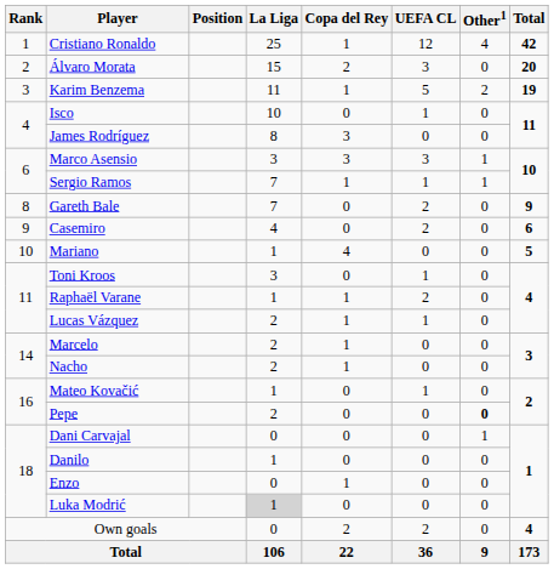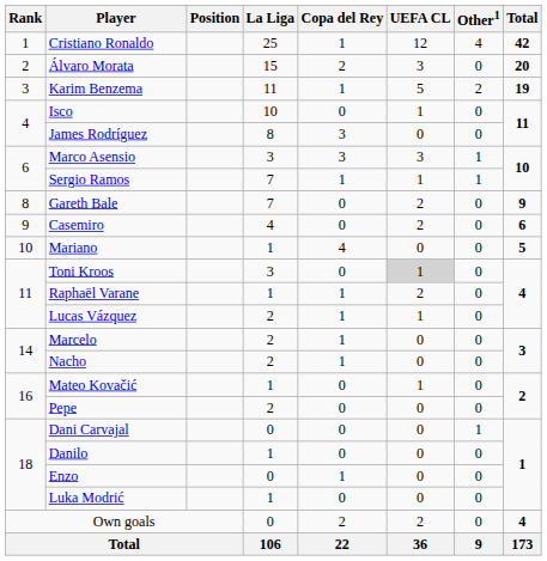 <table class="wikitable">
 <tr>
 <th>Rank</th>
 <th style="width:150px;">Player</th>
 <th>Position</th>
 <th>La Liga</th>
 <th>Copa del Rey</th>
 <th>UEFA CL</th>
 <th>Other<sup>1</sup></th>
 <th>Total</th>
 </tr>
 <tr>
 <td align=center>1</td>
 <td> <a href='#'>Cristiano Ronaldo</a></td>
 <td align=center></td>
 <td align=center>25</td>
 <td align=center>1</td>
 <td align=center>12</td>
 <td align=center>4</td>
 <td align=center><strong>42</strong></td>
 </tr>
 <tr>
 <td align=center>2</td>
 <td> <a href='#'>Álvaro Morata</a></td>
 <td align=center></td>
 <td align=center>15</td>
 <td align=center>2</td>
 <td align=center>3</td>
 <td align=center>0</td>
 <td align=center><strong>20</strong></td>
 </tr>
 <tr>
 <td align=center>3</td>
 <td> <a href='#'>Karim Benzema</a></td>
 <td align=center></td>
 <td align=center>11</td>
 <td align=center>1</td>
 <td align=center>5</td>
 <td align=center>2</td>
 <td align=center><strong>19</strong></td>
 </tr>
 <tr>
 <td align=center rowspan=2>4</td>
 <td> <a href='#'>Isco</a></td>
 <td align=center></td>
 <td align=center>10</td>
 <td align=center>0</td>
 <td align=center>1</td>
 <td align=center>0</td>
 <td align=center rowspan=2><strong>11</strong></td>
 </tr>
 <tr>
 <td> <a href='#'>James Rodríguez</a></td>
 <td align=center></td>
 <td align=center>8</td>
 <td align=center>3</td>
 <td align=center>0</td>
 <td align=center>0</td>
 </tr>
 <tr>
 <td align=center rowspan=2>6</td>
 <td> <a href='#'>Marco Asensio</a></td>
 <td align=center></td>
 <td align=center>3</td>
 <td align=center>3</td>
 <td align=center>3</td>
 <td align=center>1</td>
 <td align=center rowspan=2><strong>10</strong></td>
 </tr>
 <tr>
 <td> <a href='#'>Sergio Ramos</a></td>
 <td align=center></td>
 <td align=center>7</td>
 <td align=center>1</td>
 <td align=center>1</td>
 <td align=center>1</td>
 </tr>
 <tr>
 <td align=center>8</td>
 <td> <a href='#'>Gareth Bale</a></td>
 <td align=center></td>
 <td align=center>7</td>
 <td align=center>0</td>
 <td align=center>2</td>
 <td align=center>0</td>
 <td align=center><strong>9</strong></td>
 </tr>
 <tr>
 <td align=center>9</td>
 <td> <a href='#'>Casemiro</a></td>
 <td align=center></td>
 <td align=center>4</td>
 <td align=center>0</td>
 <td align=center>2</td>
 <td align=center>0</td>
 <td align=center><strong>6</strong></td>
 </tr>
 <tr>
 <td align=center>10</td>
 <td> <a href='#'>Mariano</a></td>
 <td align=center></td>
 <td align=center>1</td>
 <td align=center>4</td>
 <td align=center>0</td>
 <td align=center>0</td>
 <td align=center><strong>5</strong></td>
 </tr>
 <tr>
 <td align=center rowspan=3>11</td>
 <td> <a href='#'>Toni Kroos</a></td>
 <td align=center></td>
 <td align=center>3</td>
 <td align=center>0</td>
-<td align=center>1</td>
+<td align=center style="background: lightgrey;">1</td>
 <td align=center>0</td>
 <td align=center rowspan=3><strong>4</strong></td>
 </tr>
 <tr>
 <td> <a href='#'>Raphaël Varane</a></td>
 <td align=center></td>
 <td align=center>1</td>
 <td align=center>1</td>
 <td align=center>2</td>
 <td align=center>0</td>
 </tr>
 <tr>
 <td> <a href='#'>Lucas Vázquez</a></td>
 <td align=center></td>
 <td align=center>2</td>
 <td align=center>1</td>
 <td align=center>1</td>
 <td align=center>0</td>
 </tr>
 <tr>
 <td align=center rowspan=2>14</td>
 <td> <a href='#'>Marcelo</a></td>
 <td align=center></td>
 <td align=center>2</td>
 <td align=center>1</td>
 <td align=center>0</td>
 <td align=center>0</td>
 <td align=center rowspan=2><strong>3</strong></td>
 </tr>
 <tr>
 <td> <a href='#'>Nacho</a></td>
 <td align=center></td>
 <td align=center>2</td>
 <td align=center>1</td>
 <td align=center>0</td>
 <td align=center>0</td>
 </tr>
 <tr>
 <td align=center rowspan=2>16</td>
 <td> <a href='#'>Mateo Kovačić</a></td>
 <td align=center></td>
 <td align=center>1</td>
 <td align=center>0</td>
 <td align=center>1</td>
 <td align=center>0</td>
 <td align=center rowspan=2><strong>2</strong></td>
 </tr>
 <tr>
 <td> <a href='#'>Pepe</a></td>
 <td align=center></td>
 <td align=center>2</td>
 <td align=center>0</td>
 <td align=center>0</td>
-<td align=center><strong>0</strong></td>
+<td align=center>0</td>
 </tr>
 <tr>
 <td align=center rowspan=4>18</td>
 <td> <a href='#'>Dani Carvajal</a></td>
 <td align=center></td>
 <td align=center>0</td>
 <td align=center>0</td>
 <td align=center>0</td>
 <td align=center>1</td>
 <td align=center rowspan=4><strong>1</strong></td>
 </tr>
 <tr>
 <td> <a href='#'>Danilo</a></td>
 <td align=center></td>
 <td align=center>1</td>
 <td align=center>0</td>
 <td align=center>0</td>
 <td align=center>0</td>
 </tr>
 <tr>
 <td> <a href='#'>Enzo</a></td>
 <td align=center></td>
 <td align=center>0</td>
 <td align=center>1</td>
 <td align=center>0</td>
 <td align=center>0</td>
 </tr>
 <tr>
 <td> <a href='#'>Luka Modrić</a></td>
 <td align=center></td>
-<td align=center style="background: lightgrey;">1</td>
+<td align=center>1</td>
 <td align=center>0</td>
 <td align=center>0</td>
 <td align=center>0</td>
 </tr>
 <tr>
 <td align=center colspan=3>Own goals</td>
 <td align=center>0</td>
 <td align=center>2</td>
 <td align=center>2</td>
 <td align=center>0</td>
 <td align=center><strong>4</strong></td>
 </tr>
 <tr>
 <th align=center colspan=3>Total</th>
 <th align=center>106</th>
 <th align=center>22</th>
 <th align=center>36</th>
 <th align=center>9</th>
 <th align=center>173</th>
 </tr>
 </table>
